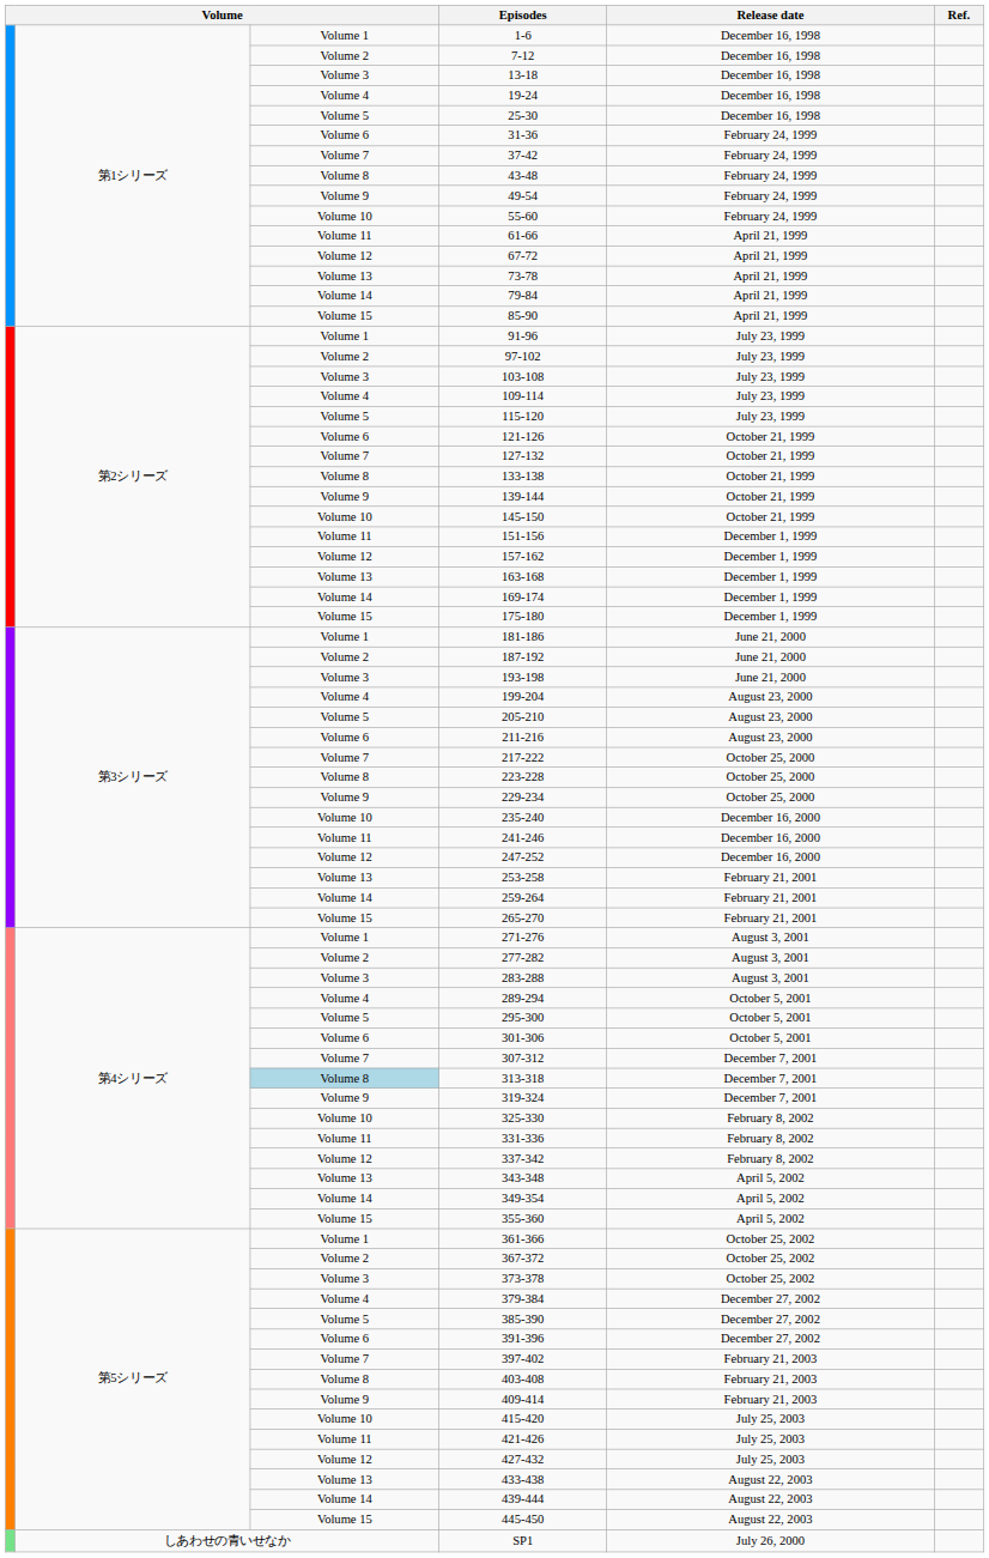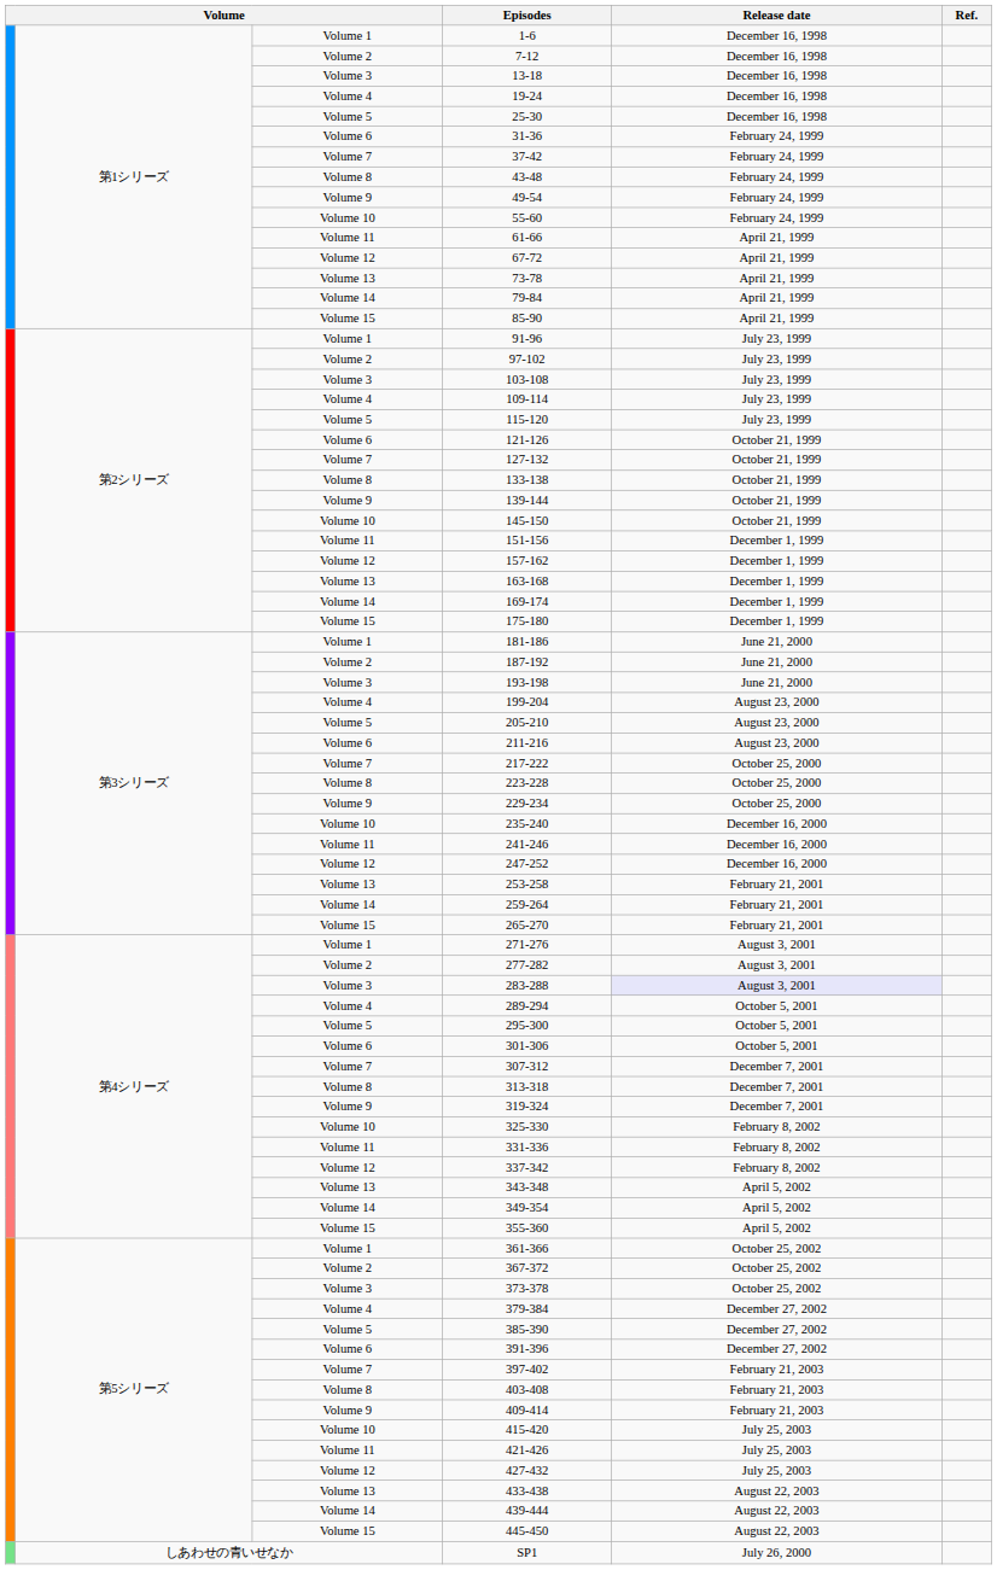 <table class="wikitable" style="text-align: center; width: 98%;">
 <tr>
 <th colspan="3">Volume</th>
 <th>Episodes</th>
 <th>Release date</th>
 <th width="5%">Ref.</th>
 </tr>
 <tr>
 <td rowspan="15" width="1%" style="background: #0094FF"></td>
 <td rowspan="15">第1シリーズ</td>
 <td>Volume 1</td>
 <td>1-6</td>
 <td>December 16, 1998</td>
 <td></td>
 </tr>
 <tr>
 <td>Volume 2</td>
 <td>7-12</td>
 <td>December 16, 1998</td>
 <td></td>
 </tr>
 <tr>
 <td>Volume 3</td>
 <td>13-18</td>
 <td>December 16, 1998</td>
 <td></td>
 </tr>
 <tr>
 <td>Volume 4</td>
 <td>19-24</td>
 <td>December 16, 1998</td>
 <td></td>
 </tr>
 <tr>
 <td>Volume 5</td>
 <td>25-30</td>
 <td>December 16, 1998</td>
 <td></td>
 </tr>
 <tr>
 <td>Volume 6</td>
 <td>31-36</td>
 <td>February 24, 1999</td>
 <td></td>
 </tr>
 <tr>
 <td>Volume 7</td>
 <td>37-42</td>
 <td>February 24, 1999</td>
 <td></td>
 </tr>
 <tr>
 <td>Volume 8</td>
 <td>43-48</td>
 <td>February 24, 1999</td>
 <td></td>
 </tr>
 <tr>
 <td>Volume 9</td>
 <td>49-54</td>
 <td>February 24, 1999</td>
 <td></td>
 </tr>
 <tr>
 <td>Volume 10</td>
 <td>55-60</td>
 <td>February 24, 1999</td>
 <td></td>
 </tr>
 <tr>
 <td>Volume 11</td>
 <td>61-66</td>
 <td>April 21, 1999</td>
 <td></td>
 </tr>
 <tr>
 <td>Volume 12</td>
 <td>67-72</td>
 <td>April 21, 1999</td>
 <td></td>
 </tr>
 <tr>
 <td>Volume 13</td>
 <td>73-78</td>
 <td>April 21, 1999</td>
 <td></td>
 </tr>
 <tr>
 <td>Volume 14</td>
 <td>79-84</td>
 <td>April 21, 1999</td>
 <td></td>
 </tr>
 <tr>
 <td>Volume 15</td>
 <td>85-90</td>
 <td>April 21, 1999</td>
 <td></td>
 </tr>
 <tr>
 <td rowspan="15" width="1%" style="background: #FF0000"></td>
 <td rowspan="15">第2シリーズ</td>
 <td>Volume 1</td>
 <td>91-96</td>
 <td>July 23, 1999</td>
 <td></td>
 </tr>
 <tr>
 <td>Volume 2</td>
 <td>97-102</td>
 <td>July 23, 1999</td>
 <td></td>
 </tr>
 <tr>
 <td>Volume 3</td>
 <td>103-108</td>
 <td>July 23, 1999</td>
 <td></td>
 </tr>
 <tr>
 <td>Volume 4</td>
 <td>109-114</td>
 <td>July 23, 1999</td>
 <td></td>
 </tr>
 <tr>
 <td>Volume 5</td>
 <td>115-120</td>
 <td>July 23, 1999</td>
 <td></td>
 </tr>
 <tr>
 <td>Volume 6</td>
 <td>121-126</td>
 <td>October 21, 1999</td>
 <td></td>
 </tr>
 <tr>
 <td>Volume 7</td>
 <td>127-132</td>
 <td>October 21, 1999</td>
 <td></td>
 </tr>
 <tr>
 <td>Volume 8</td>
 <td>133-138</td>
 <td>October 21, 1999</td>
 <td></td>
 </tr>
 <tr>
 <td>Volume 9</td>
 <td>139-144</td>
 <td>October 21, 1999</td>
 <td></td>
 </tr>
 <tr>
 <td>Volume 10</td>
 <td>145-150</td>
 <td>October 21, 1999</td>
 <td></td>
 </tr>
 <tr>
 <td>Volume 11</td>
 <td>151-156</td>
 <td>December 1, 1999</td>
 <td></td>
 </tr>
 <tr>
 <td>Volume 12</td>
 <td>157-162</td>
 <td>December 1, 1999</td>
 <td></td>
 </tr>
 <tr>
 <td>Volume 13</td>
 <td>163-168</td>
 <td>December 1, 1999</td>
 <td></td>
 </tr>
 <tr>
 <td>Volume 14</td>
 <td>169-174</td>
 <td>December 1, 1999</td>
 <td></td>
 </tr>
 <tr>
 <td>Volume 15</td>
 <td>175-180</td>
 <td>December 1, 1999</td>
 <td></td>
 </tr>
 <tr>
 <td rowspan="15" width="1%" style="background: #8F00FF"></td>
 <td rowspan="15">第3シリーズ</td>
 <td>Volume 1</td>
 <td>181-186</td>
 <td>June 21, 2000</td>
 <td></td>
 </tr>
 <tr>
 <td>Volume 2</td>
 <td>187-192</td>
 <td>June 21, 2000</td>
 <td></td>
 </tr>
 <tr>
 <td>Volume 3</td>
 <td>193-198</td>
 <td>June 21, 2000</td>
 <td></td>
 </tr>
 <tr>
 <td>Volume 4</td>
 <td>199-204</td>
 <td>August 23, 2000</td>
 <td></td>
 </tr>
 <tr>
 <td>Volume 5</td>
 <td>205-210</td>
 <td>August 23, 2000</td>
 <td></td>
 </tr>
 <tr>
 <td>Volume 6</td>
 <td>211-216</td>
 <td>August 23, 2000</td>
 <td></td>
 </tr>
 <tr>
 <td>Volume 7</td>
 <td>217-222</td>
 <td>October 25, 2000</td>
 <td></td>
 </tr>
 <tr>
 <td>Volume 8</td>
 <td>223-228</td>
 <td>October 25, 2000</td>
 <td></td>
 </tr>
 <tr>
 <td>Volume 9</td>
 <td>229-234</td>
 <td>October 25, 2000</td>
 <td></td>
 </tr>
 <tr>
 <td>Volume 10</td>
 <td>235-240</td>
 <td>December 16, 2000</td>
 <td></td>
 </tr>
 <tr>
 <td>Volume 11</td>
 <td>241-246</td>
 <td>December 16, 2000</td>
 <td></td>
 </tr>
 <tr>
 <td>Volume 12</td>
 <td>247-252</td>
 <td>December 16, 2000</td>
 <td></td>
 </tr>
 <tr>
 <td>Volume 13</td>
 <td>253-258</td>
 <td>February 21, 2001</td>
 <td></td>
 </tr>
 <tr>
 <td>Volume 14</td>
 <td>259-264</td>
 <td>February 21, 2001</td>
 <td></td>
 </tr>
 <tr>
 <td>Volume 15</td>
 <td>265-270</td>
 <td>February 21, 2001</td>
 <td></td>
 </tr>
 <tr>
 <td rowspan="15" width="1%" style="background: #FF7878"></td>
 <td rowspan="15">第4シリーズ</td>
 <td>Volume 1</td>
 <td>271-276</td>
 <td>August 3, 2001</td>
 <td></td>
 </tr>
 <tr>
 <td>Volume 2</td>
 <td>277-282</td>
 <td>August 3, 2001</td>
 <td></td>
 </tr>
 <tr>
 <td>Volume 3</td>
 <td>283-288</td>
-<td>August 3, 2001</td>
+<td style="background: lavender;">August 3, 2001</td>
 <td></td>
 </tr>
 <tr>
 <td>Volume 4</td>
 <td>289-294</td>
 <td>October 5, 2001</td>
 <td></td>
 </tr>
 <tr>
 <td>Volume 5</td>
 <td>295-300</td>
 <td>October 5, 2001</td>
 <td></td>
 </tr>
 <tr>
 <td>Volume 6</td>
 <td>301-306</td>
 <td>October 5, 2001</td>
 <td></td>
 </tr>
 <tr>
 <td>Volume 7</td>
 <td>307-312</td>
 <td>December 7, 2001</td>
 <td></td>
 </tr>
 <tr>
-<td style="background: lightblue;">Volume 8</td>
+<td>Volume 8</td>
 <td>313-318</td>
 <td>December 7, 2001</td>
 <td></td>
 </tr>
 <tr>
 <td>Volume 9</td>
 <td>319-324</td>
 <td>December 7, 2001</td>
 <td></td>
 </tr>
 <tr>
 <td>Volume 10</td>
 <td>325-330</td>
 <td>February 8, 2002</td>
 <td></td>
 </tr>
 <tr>
 <td>Volume 11</td>
 <td>331-336</td>
 <td>February 8, 2002</td>
 <td></td>
 </tr>
 <tr>
 <td>Volume 12</td>
 <td>337-342</td>
 <td>February 8, 2002</td>
 <td></td>
 </tr>
 <tr>
 <td>Volume 13</td>
 <td>343-348</td>
 <td>April 5, 2002</td>
 <td></td>
 </tr>
 <tr>
 <td>Volume 14</td>
 <td>349-354</td>
 <td>April 5, 2002</td>
 <td></td>
 </tr>
 <tr>
 <td>Volume 15</td>
 <td>355-360</td>
 <td>April 5, 2002</td>
 <td></td>
 </tr>
 <tr>
 <td rowspan="15" width="1%" style="background: #FF7F00"></td>
 <td rowspan="15">第5シリーズ</td>
 <td>Volume 1</td>
 <td>361-366</td>
 <td>October 25, 2002</td>
 <td></td>
 </tr>
 <tr>
 <td>Volume 2</td>
 <td>367-372</td>
 <td>October 25, 2002</td>
 <td></td>
 </tr>
 <tr>
 <td>Volume 3</td>
 <td>373-378</td>
 <td>October 25, 2002</td>
 <td></td>
 </tr>
 <tr>
 <td>Volume 4</td>
 <td>379-384</td>
 <td>December 27, 2002</td>
 <td></td>
 </tr>
 <tr>
 <td>Volume 5</td>
 <td>385-390</td>
 <td>December 27, 2002</td>
 <td></td>
 </tr>
 <tr>
 <td>Volume 6</td>
 <td>391-396</td>
 <td>December 27, 2002</td>
 <td></td>
 </tr>
 <tr>
 <td>Volume 7</td>
 <td>397-402</td>
 <td>February 21, 2003</td>
 <td></td>
 </tr>
 <tr>
 <td>Volume 8</td>
 <td>403-408</td>
 <td>February 21, 2003</td>
 <td></td>
 </tr>
 <tr>
 <td>Volume 9</td>
 <td>409-414</td>
 <td>February 21, 2003</td>
 <td></td>
 </tr>
 <tr>
 <td>Volume 10</td>
 <td>415-420</td>
 <td>July 25, 2003</td>
 <td></td>
 </tr>
 <tr>
 <td>Volume 11</td>
 <td>421-426</td>
 <td>July 25, 2003</td>
 <td></td>
 </tr>
 <tr>
 <td>Volume 12</td>
 <td>427-432</td>
 <td>July 25, 2003</td>
 <td></td>
 </tr>
 <tr>
 <td>Volume 13</td>
 <td>433-438</td>
 <td>August 22, 2003</td>
 <td></td>
 </tr>
 <tr>
 <td>Volume 14</td>
 <td>439-444</td>
 <td>August 22, 2003</td>
 <td></td>
 </tr>
 <tr>
 <td>Volume 15</td>
 <td>445-450</td>
 <td>August 22, 2003</td>
 <td></td>
 </tr>
 <tr>
 <td rowspan="1" width="1%" style="background: #74E387"></td>
 <td colspan="2">しあわせの青いせなか</td>
 <td>SP1</td>
 <td>July 26, 2000</td>
 <td></td>
 </tr>
 </table>
